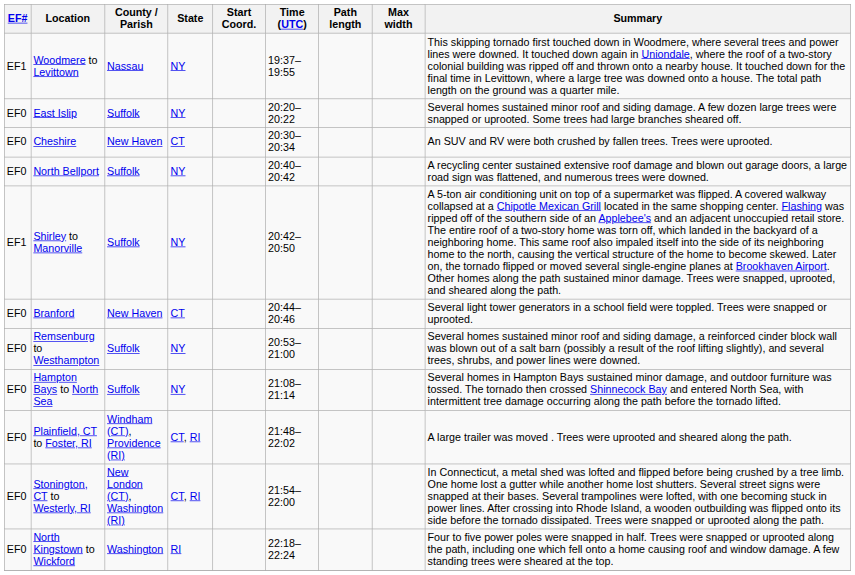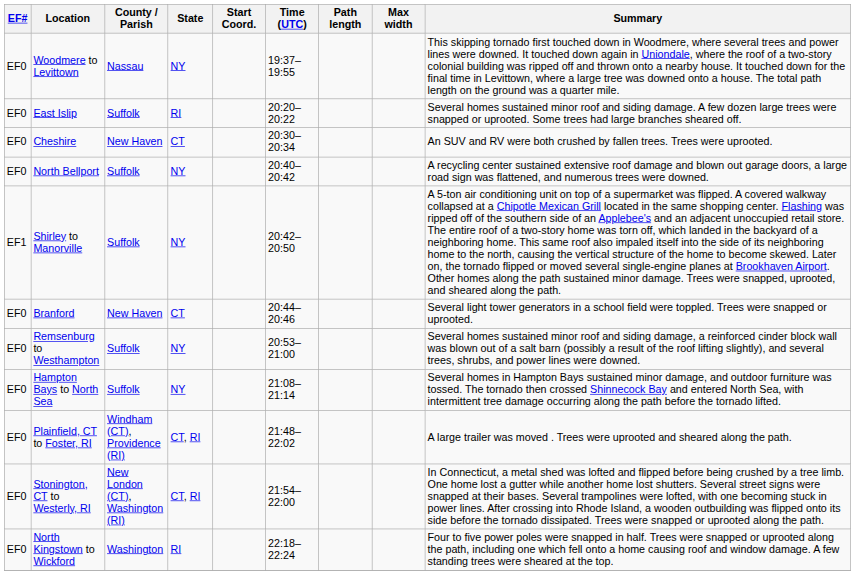 <table class="wikitable sortable" style="width:100%;">
 <tr>
 <th scope="col"  style="width:3%; text-align:center;"><a href='#'>EF#</a></th>
 <th scope="col"  style="width:7%; text-align:center;" class="unsortable">Location</th>
 <th scope="col"  style="width:6%; text-align:center;" class="unsortable">County / Parish</th>
 <th scope="col"  style="width:5%; text-align:center;">State</th>
 <th scope="col"  style="width:6%; text-align:center;">Start Coord.</th>
 <th scope="col"  style="width:6%; text-align:center;">Time (<a href='#'>UTC</a>)</th>
 <th scope="col"  style="width:6%; text-align:center;">Path length</th>
 <th scope="col"  style="width:6%; text-align:center;">Max width</th>
 <th scope="col" class="unsortable" style="width:48%; text-align:center;">Summary</th>
 </tr>
 <tr>
-<td>EF1</td>
+<td>EF0</td>
 <td><a href='#'>Woodmere</a> to <a href='#'>Levittown</a></td>
 <td><a href='#'>Nassau</a></td>
 <td><a href='#'>NY</a></td>
 <td></td>
 <td>19:37–19:55</td>
 <td></td>
 <td></td>
 <td>This skipping tornado first touched down in Woodmere, where several trees and power lines were downed. It touched down again in <a href='#'>Uniondale</a>, where the roof of a two-story colonial building was ripped off and thrown onto a nearby house. It touched down for the final time in Levittown, where a large tree was downed onto a house. The total path length on the ground was a quarter mile.</td>
 </tr>
 <tr>
 <td>EF0</td>
 <td><a href='#'>East Islip</a></td>
 <td><a href='#'>Suffolk</a></td>
-<td><a href='#'>NY</a></td>
+<td><a href='#'>RI</a></td>
 <td></td>
 <td>20:20–20:22</td>
 <td></td>
 <td></td>
 <td>Several homes sustained minor roof and siding damage. A few dozen large trees were snapped or uprooted. Some trees had large branches sheared off.</td>
 </tr>
 <tr>
 <td>EF0</td>
 <td><a href='#'>Cheshire</a></td>
 <td><a href='#'>New Haven</a></td>
 <td><a href='#'>CT</a></td>
 <td></td>
 <td>20:30–20:34</td>
 <td></td>
 <td></td>
 <td>An SUV and RV were both crushed by fallen trees. Trees were uprooted.</td>
 </tr>
 <tr>
 <td>EF0</td>
 <td><a href='#'>North Bellport</a></td>
 <td><a href='#'>Suffolk</a></td>
 <td><a href='#'>NY</a></td>
 <td></td>
 <td>20:40–20:42</td>
 <td></td>
 <td></td>
 <td>A recycling center sustained extensive roof damage and blown out garage doors, a large road sign was flattened, and numerous trees were downed.</td>
 </tr>
 <tr>
 <td>EF1</td>
 <td><a href='#'>Shirley</a> to <a href='#'>Manorville</a></td>
 <td><a href='#'>Suffolk</a></td>
 <td><a href='#'>NY</a></td>
 <td></td>
 <td>20:42–20:50</td>
 <td></td>
 <td></td>
 <td>A 5-ton air conditioning unit on top of a supermarket was flipped. A covered walkway collapsed at a <a href='#'>Chipotle Mexican Grill</a> located in the same shopping center. <a href='#'>Flashing</a> was ripped off of the southern side of an <a href='#'>Applebee's</a> and an adjacent unoccupied retail store. The entire roof of a two-story home was torn off, which landed in the backyard of a neighboring home. This same roof also impaled itself into the side of its neighboring home to the north, causing the vertical structure of the home to become skewed. Later on, the tornado flipped or moved several single-engine planes at <a href='#'>Brookhaven Airport</a>. Other homes along the path sustained minor damage. Trees were snapped, uprooted, and sheared along the path.</td>
 </tr>
 <tr>
 <td>EF0</td>
 <td><a href='#'>Branford</a></td>
 <td><a href='#'>New Haven</a></td>
 <td><a href='#'>CT</a></td>
 <td></td>
 <td>20:44–20:46</td>
 <td></td>
 <td></td>
 <td>Several light tower generators in a school field were toppled. Trees were snapped or uprooted.</td>
 </tr>
 <tr>
 <td>EF0</td>
 <td><a href='#'>Remsenburg</a> to <a href='#'>Westhampton</a></td>
 <td><a href='#'>Suffolk</a></td>
 <td><a href='#'>NY</a></td>
 <td></td>
 <td>20:53–21:00</td>
 <td></td>
 <td></td>
 <td>Several homes sustained minor roof and siding damage, a reinforced cinder block wall was blown out of a salt barn (possibly a result of the roof lifting slightly), and several trees, shrubs, and power lines were downed.</td>
 </tr>
 <tr>
 <td>EF0</td>
 <td><a href='#'>Hampton Bays</a> to <a href='#'>North Sea</a></td>
 <td><a href='#'>Suffolk</a></td>
 <td><a href='#'>NY</a></td>
 <td></td>
 <td>21:08–21:14</td>
 <td></td>
 <td></td>
 <td>Several homes in Hampton Bays sustained minor damage, and outdoor furniture was tossed. The tornado then crossed <a href='#'>Shinnecock Bay</a> and entered North Sea, with intermittent tree damage occurring along the path before the tornado lifted.</td>
 </tr>
 <tr>
 <td>EF0</td>
 <td><a href='#'>Plainfield, CT</a> to <a href='#'>Foster, RI</a></td>
 <td><a href='#'>Windham (CT)</a>, <a href='#'>Providence (RI)</a></td>
 <td><a href='#'>CT</a>, <a href='#'>RI</a></td>
 <td></td>
 <td>21:48–22:02</td>
 <td></td>
 <td></td>
 <td>A large trailer was moved . Trees were uprooted and sheared along the path.</td>
 </tr>
 <tr>
 <td>EF0</td>
 <td><a href='#'>Stonington, CT</a> to <a href='#'>Westerly, RI</a></td>
 <td><a href='#'>New London (CT)</a>, <a href='#'>Washington (RI)</a></td>
 <td><a href='#'>CT</a>, <a href='#'>RI</a></td>
 <td></td>
 <td>21:54–22:00</td>
 <td></td>
 <td></td>
 <td>In Connecticut, a metal shed was lofted and flipped before being crushed by a tree limb. One home lost a gutter while another home lost shutters. Several street signs were snapped at their bases. Several trampolines were lofted, with one becoming stuck in power lines. After crossing into Rhode Island, a wooden outbuilding was flipped onto its side before the tornado dissipated. Trees were snapped or uprooted along the path.</td>
 </tr>
 <tr>
 <td>EF0</td>
 <td><a href='#'>North Kingstown</a> to <a href='#'>Wickford</a></td>
 <td><a href='#'>Washington</a></td>
 <td><a href='#'>RI</a></td>
 <td></td>
 <td>22:18–22:24</td>
 <td></td>
 <td></td>
 <td>Four to five power poles were snapped in half. Trees were snapped or uprooted along the path, including one which fell onto a home causing roof and window damage. A few standing trees were sheared at the top.</td>
 </tr>
 <tr>
 </tr>
 </table>
